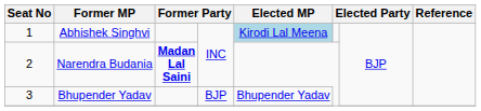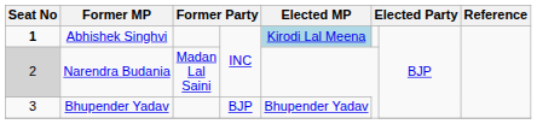 <table class="wikitable">
 <tr>
 <th>Seat No</th>
 <th>Former MP</th>
 <th colspan=2>Former Party</th>
 <th>Elected MP</th>
 <th colspan=2>Elected Party</th>
 <th>Reference</th>
 </tr>
 <tr style="text-align:center;">
-<td>1</td>
+<td><strong>1</strong></td>
 <td><a href='#'>Abhishek Singhvi</a></td>
 <td width="1px"></td>
 <td rowspan=2><a href='#'>INC</a></td>
 <td style="background: lightblue;"><a href='#'>Kirodi Lal Meena</a></td>
 <td width="1px"></td>
 <td rowspan=3><a href='#'>BJP</a></td>
 <td rowspan=3></td>
 </tr>
 <tr style="text-align:center;">
-<td>2</td>
+<td style="background: lightgrey;">2</td>
 <td><a href='#'>Narendra Budania</a></td>
-<td><strong><a href='#'>Madan Lal Saini</a></strong></td>
+<td><a href='#'>Madan Lal Saini</a></td>
 </tr>
 <tr style="text-align:center;">
 <td>3</td>
 <td><a href='#'>Bhupender Yadav</a></td>
 <td width="1px"></td>
 <td><a href='#'>BJP</a></td>
 <td><a href='#'>Bhupender Yadav</a></td>
 </tr>
 <tr>
 </tr>
 </table>
